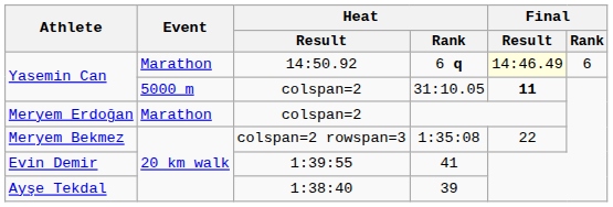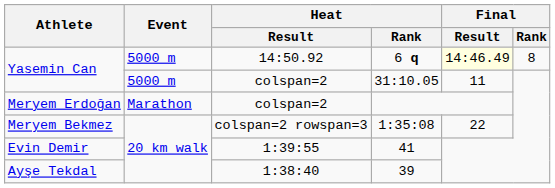 <table class="wikitable" style="font-size:90%">
 <tr>
 <th rowspan="2">Athlete</th>
 <th rowspan="2">Event</th>
 <th colspan="2">Heat</th>
 <th colspan="2">Final</th>
 </tr>
 <tr style="font-size:95%">
 <th>Result</th>
 <th>Rank</th>
 <th>Result</th>
 <th>Rank</th>
 </tr>
 <tr align=center>
 <td align=left rowspan=2><a href='#'>Yasemin Can</a></td>
-<td align=left><a href='#'>Marathon</a></td>
+<td align=left><a href='#'>5000 m</a></td>
 <td>14:50.92</td>
 <td>6 <strong>q</strong></td>
 <td style="background: lightyellow;">14:46.49</td>
-<td>6</td>
+<td>8</td>
 </tr>
 <tr align=center>
 <td align=left><a href='#'>5000 m</a></td>
 <td>colspan=2 </td>
 <td>31:10.05</td>
-<td><strong>11</strong></td>
+<td>11</td>
 </tr>
 <tr align=center>
 <td align=left><a href='#'>Meryem Erdoğan</a></td>
 <td align=left><a href='#'>Marathon</a></td>
 <td>colspan=2 </td>
 <td colspan=2></td>
 </tr>
 <tr align=center>
 <td align=left><a href='#'>Meryem Bekmez</a></td>
 <td align=left rowspan=3><a href='#'>20 km walk</a></td>
 <td>colspan=2 rowspan=3 </td>
 <td>1:35:08</td>
 <td>22</td>
 </tr>
 <tr align=center>
 <td align=left><a href='#'>Evin Demir</a></td>
 <td>1:39:55</td>
 <td>41</td>
 </tr>
 <tr align=center>
 <td align=left><a href='#'>Ayşe Tekdal</a></td>
 <td>1:38:40</td>
 <td>39</td>
 </tr>
 </table>
